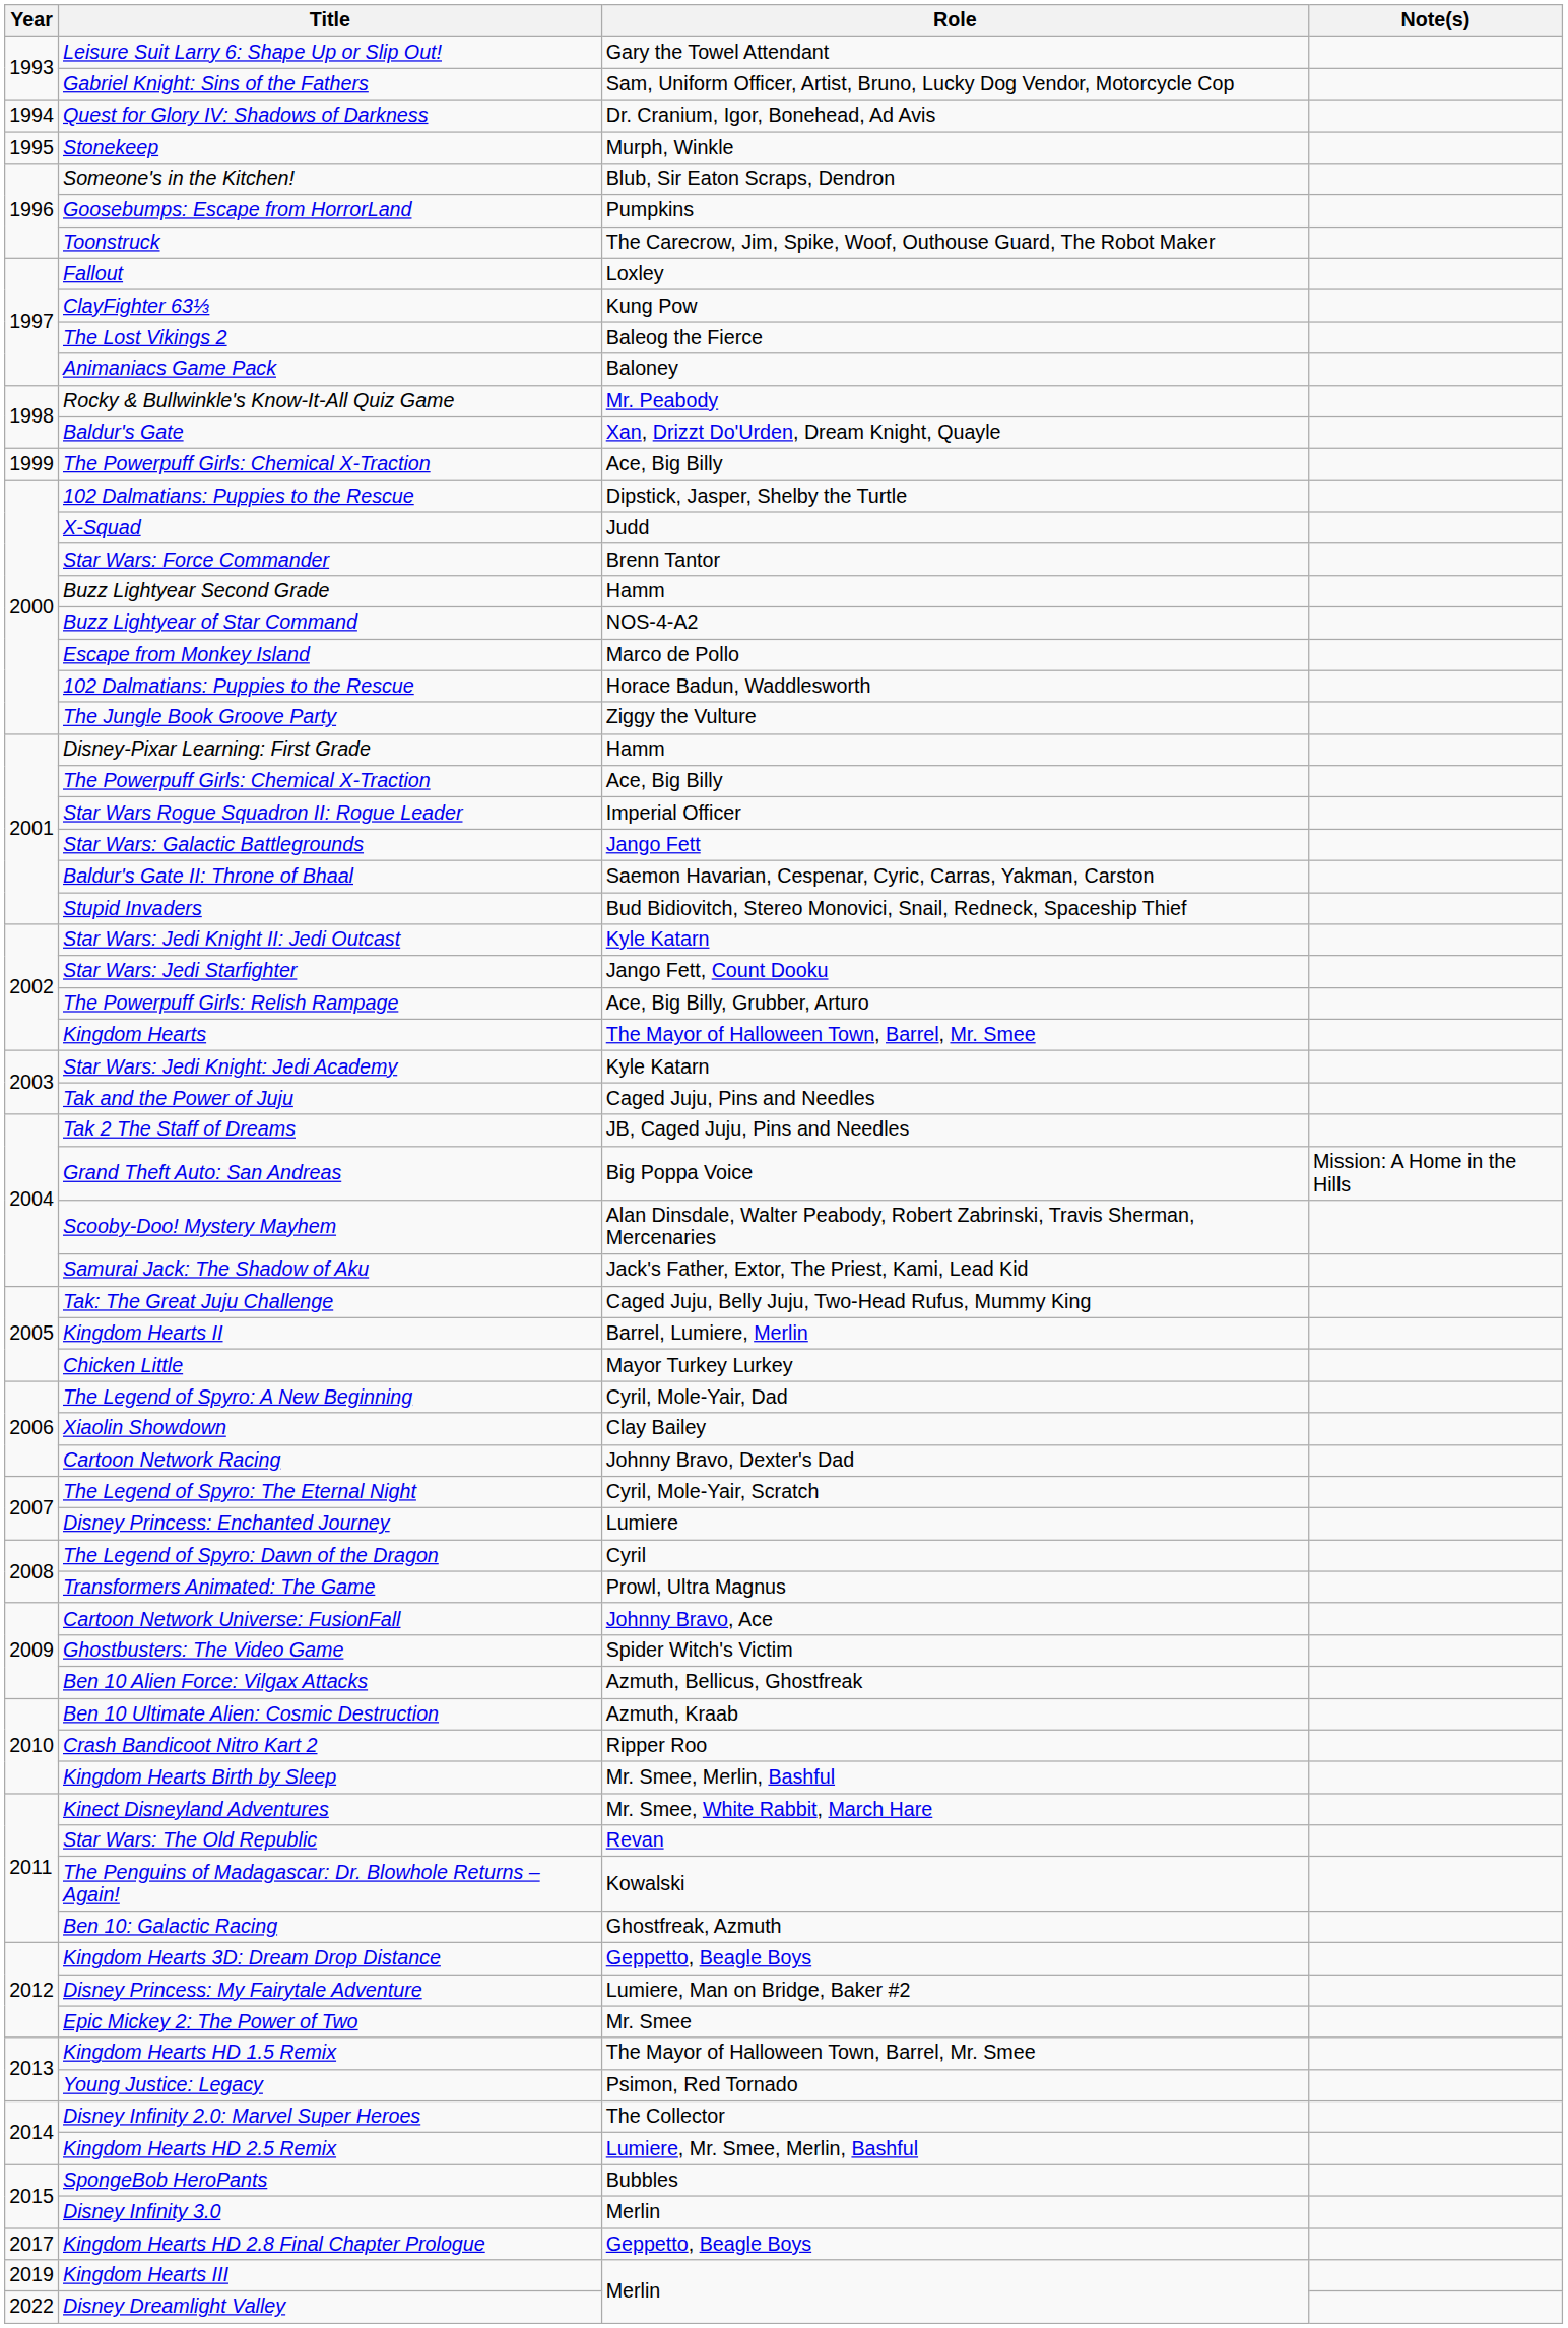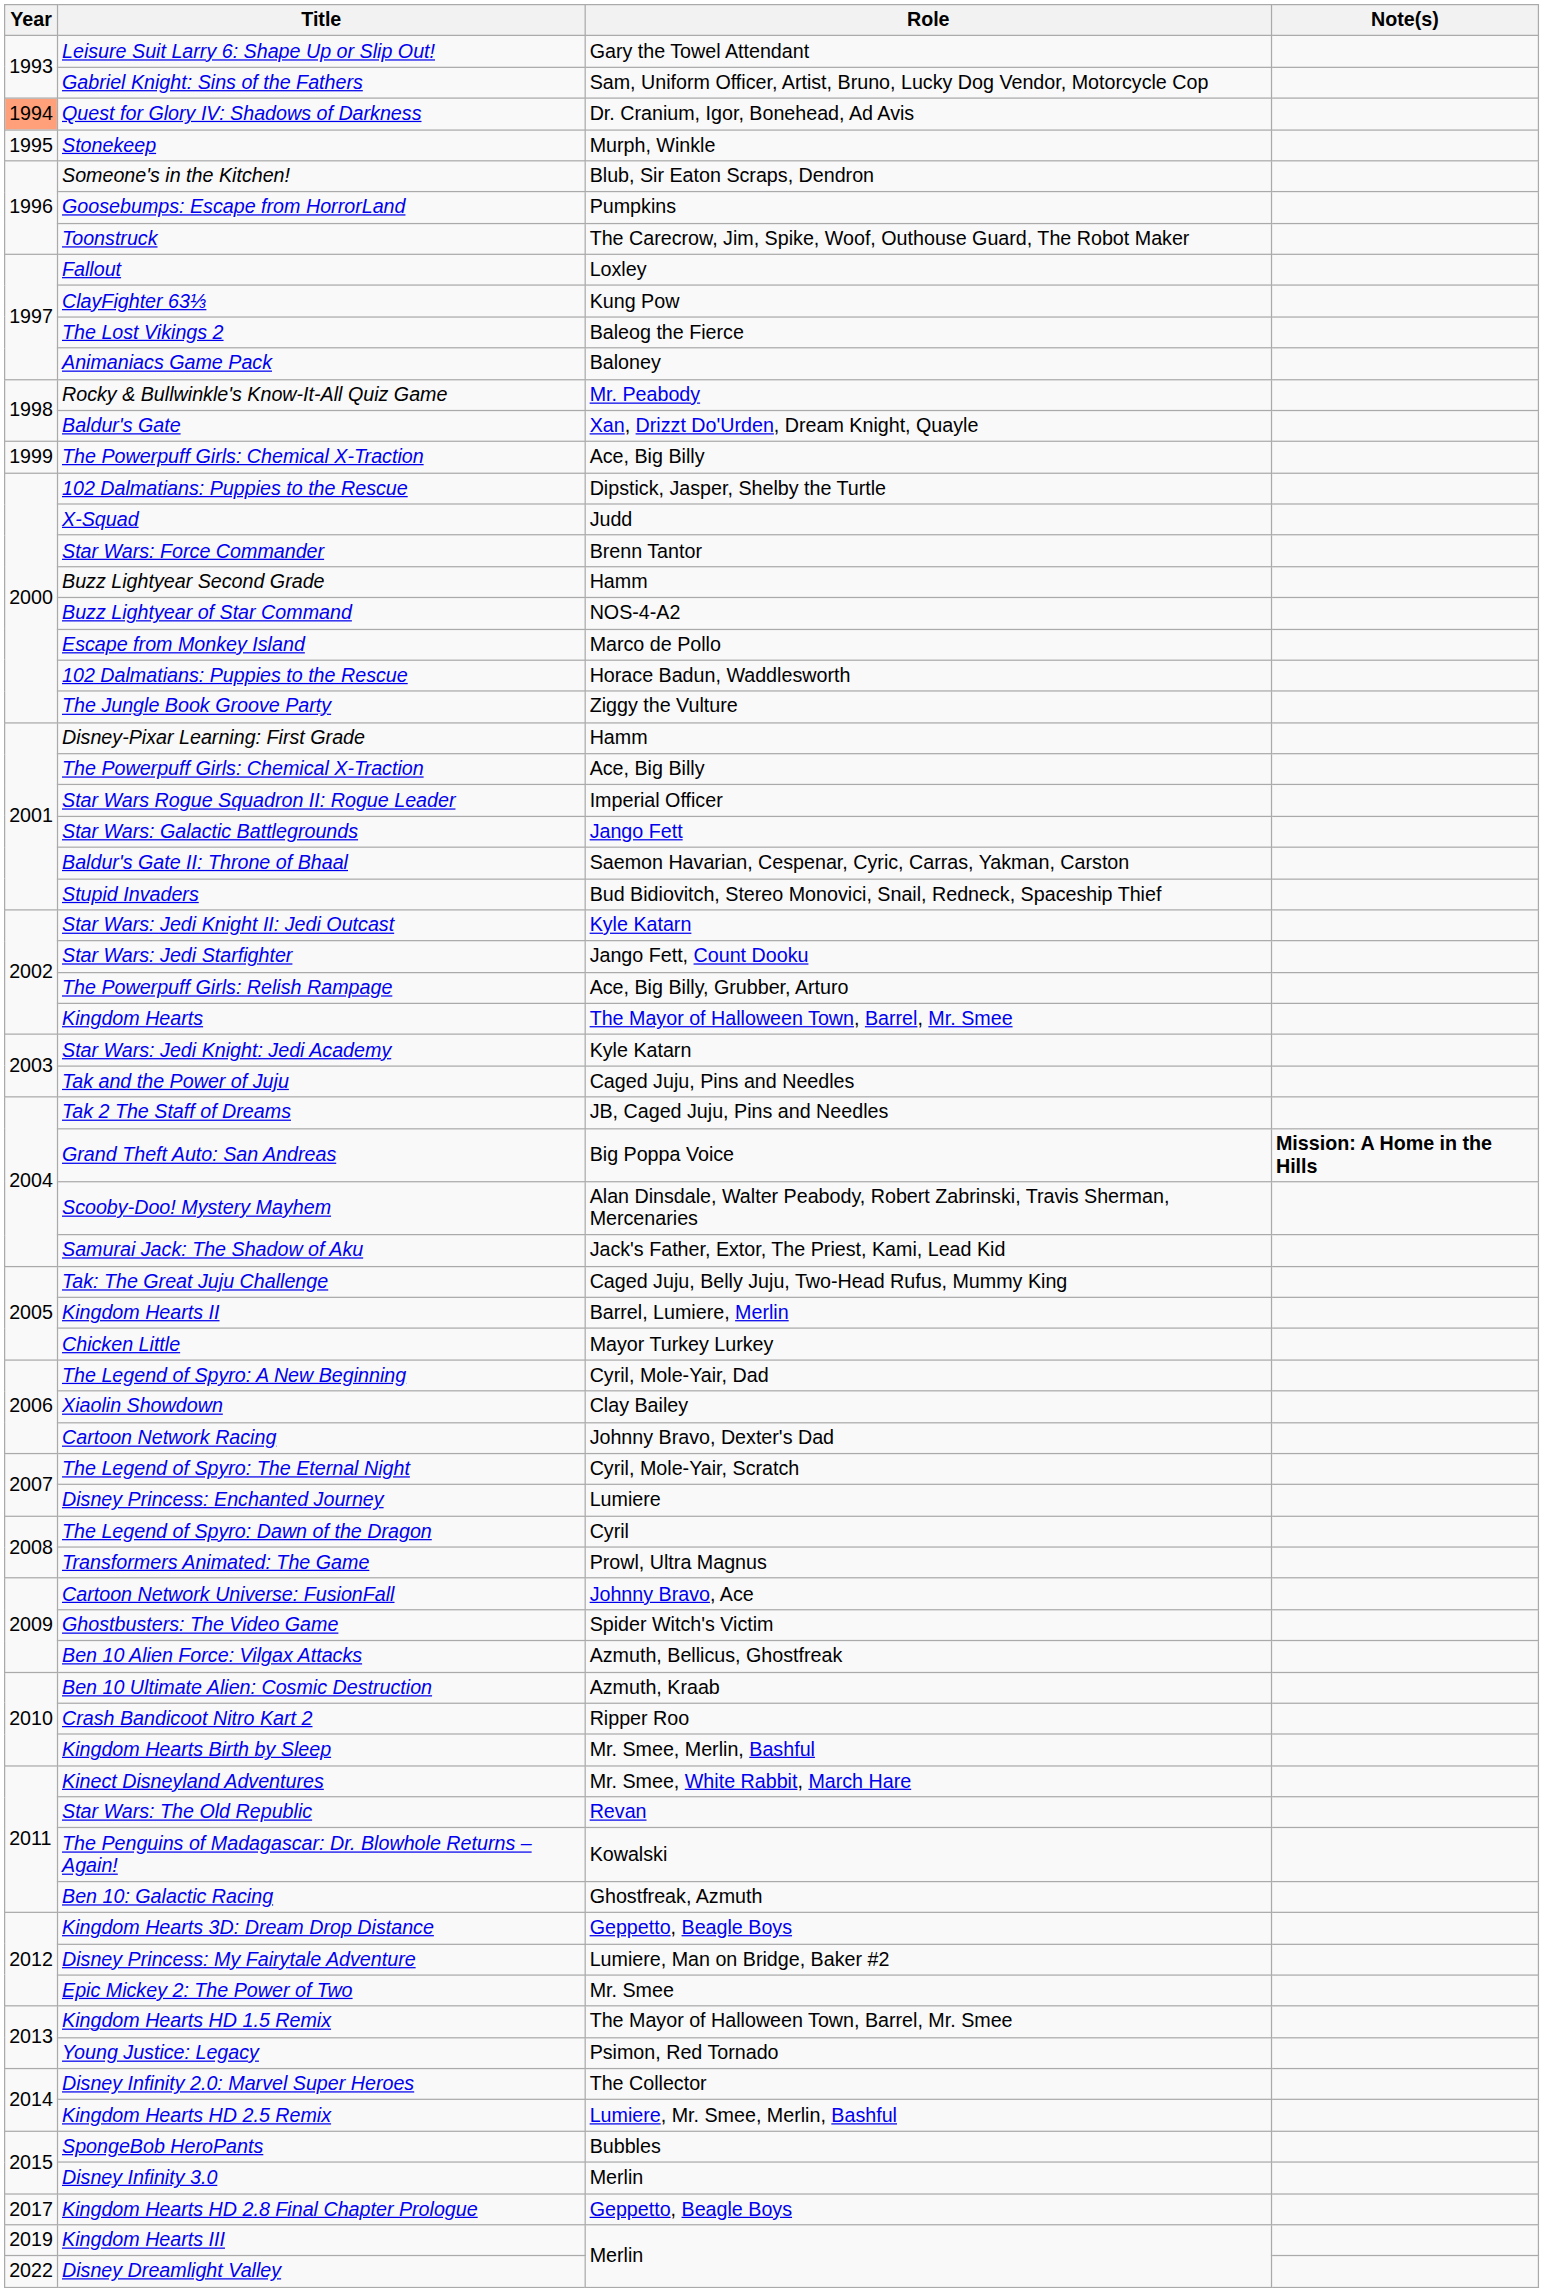 <table class="wikitable">
 <tr>
 <th>Year</th>
 <th>Title</th>
 <th>Role</th>
 <th>Note(s)</th>
 </tr>
 <tr>
 <td rowspan="2">1993</td>
 <td><em><a href='#'>Leisure Suit Larry 6: Shape Up or Slip Out!</a></em></td>
 <td>Gary the Towel Attendant</td>
 <td></td>
 </tr>
 <tr>
 <td><em><a href='#'>Gabriel Knight: Sins of the Fathers</a></em></td>
 <td>Sam, Uniform Officer, Artist, Bruno, Lucky Dog Vendor, Motorcycle Cop</td>
 <td></td>
 </tr>
 <tr>
-<td>1994</td>
+<td style="background: lightsalmon;">1994</td>
 <td><em><a href='#'>Quest for Glory IV: Shadows of Darkness</a></em></td>
 <td>Dr. Cranium, Igor, Bonehead, Ad Avis</td>
 <td></td>
 </tr>
 <tr>
 <td>1995</td>
 <td><em><a href='#'>Stonekeep</a></em></td>
 <td>Murph, Winkle</td>
 <td></td>
 </tr>
 <tr>
 <td rowspan="3">1996</td>
 <td><em>Someone's in the Kitchen!</em></td>
 <td>Blub, Sir Eaton Scraps, Dendron</td>
 <td></td>
 </tr>
 <tr>
 <td><em><a href='#'>Goosebumps: Escape from HorrorLand</a></em></td>
 <td>Pumpkins</td>
 <td></td>
 </tr>
 <tr>
 <td><em><a href='#'>Toonstruck</a></em></td>
 <td>The Carecrow, Jim, Spike, Woof, Outhouse Guard, The Robot Maker</td>
 <td></td>
 </tr>
 <tr>
 <td rowspan="4">1997</td>
 <td><em><a href='#'>Fallout</a></em></td>
 <td>Loxley</td>
 <td></td>
 </tr>
 <tr>
 <td><em><a href='#'>ClayFighter 63⅓</a></em></td>
 <td>Kung Pow</td>
 <td></td>
 </tr>
 <tr>
 <td><em><a href='#'>The Lost Vikings 2</a></em></td>
 <td>Baleog the Fierce</td>
 <td></td>
 </tr>
 <tr>
 <td><em><a href='#'>Animaniacs Game Pack</a></em></td>
 <td>Baloney</td>
 <td></td>
 </tr>
 <tr>
 <td rowspan="2">1998</td>
 <td><em>Rocky & Bullwinkle's Know-It-All Quiz Game</em></td>
 <td><a href='#'>Mr. Peabody</a></td>
 <td></td>
 </tr>
 <tr>
 <td><em><a href='#'>Baldur's Gate</a></em></td>
 <td><a href='#'>Xan</a>, <a href='#'>Drizzt Do'Urden</a>, Dream Knight, Quayle</td>
 <td></td>
 </tr>
 <tr>
 <td>1999</td>
 <td><em><a href='#'>The Powerpuff Girls: Chemical X-Traction</a></em></td>
 <td>Ace, Big Billy</td>
 <td></td>
 </tr>
 <tr>
 <td rowspan="8">2000</td>
 <td><em><a href='#'>102 Dalmatians: Puppies to the Rescue</a></em></td>
 <td>Dipstick, Jasper, Shelby the Turtle</td>
 <td></td>
 </tr>
 <tr>
 <td><em><a href='#'>X-Squad</a></em></td>
 <td>Judd</td>
 <td></td>
 </tr>
 <tr>
 <td><em><a href='#'>Star Wars: Force Commander</a></em></td>
 <td>Brenn Tantor</td>
 <td></td>
 </tr>
 <tr>
 <td><em>Buzz Lightyear Second Grade</em></td>
 <td>Hamm</td>
 <td></td>
 </tr>
 <tr>
 <td><em><a href='#'>Buzz Lightyear of Star Command</a></em></td>
 <td>NOS-4-A2</td>
 <td></td>
 </tr>
 <tr>
 <td><em><a href='#'>Escape from Monkey Island</a></em></td>
 <td>Marco de Pollo</td>
 <td></td>
 </tr>
 <tr>
 <td><em><a href='#'>102 Dalmatians: Puppies to the Rescue</a></em></td>
 <td>Horace Badun, Waddlesworth</td>
 <td></td>
 </tr>
 <tr>
 <td><em><a href='#'>The Jungle Book Groove Party</a></em></td>
 <td>Ziggy the Vulture</td>
 <td></td>
 </tr>
 <tr>
 <td rowspan="6">2001</td>
 <td><em>Disney-Pixar Learning: First Grade</em></td>
 <td>Hamm</td>
 <td></td>
 </tr>
 <tr>
 <td><em><a href='#'>The Powerpuff Girls: Chemical X-Traction</a></em></td>
 <td>Ace, Big Billy</td>
 <td></td>
 </tr>
 <tr>
 <td><em><a href='#'>Star Wars Rogue Squadron II: Rogue Leader</a></em></td>
 <td>Imperial Officer</td>
 <td></td>
 </tr>
 <tr>
 <td><em><a href='#'>Star Wars: Galactic Battlegrounds</a></em></td>
 <td><a href='#'>Jango Fett</a></td>
 <td></td>
 </tr>
 <tr>
 <td><em><a href='#'>Baldur's Gate II: Throne of Bhaal</a></em></td>
 <td>Saemon Havarian, Cespenar, Cyric, Carras, Yakman, Carston</td>
 <td></td>
 </tr>
 <tr>
 <td><em><a href='#'>Stupid Invaders</a></em></td>
 <td>Bud Bidiovitch, Stereo Monovici, Snail, Redneck, Spaceship Thief</td>
 <td></td>
 </tr>
 <tr>
 <td rowspan="4">2002</td>
 <td><em><a href='#'>Star Wars: Jedi Knight II: Jedi Outcast</a></em></td>
 <td><a href='#'>Kyle Katarn</a></td>
 <td></td>
 </tr>
 <tr>
 <td><em><a href='#'>Star Wars: Jedi Starfighter</a></em></td>
 <td>Jango Fett, <a href='#'>Count Dooku</a></td>
 <td></td>
 </tr>
 <tr>
 <td><em><a href='#'>The Powerpuff Girls: Relish Rampage</a></em></td>
 <td>Ace, Big Billy, Grubber, Arturo</td>
 <td></td>
 </tr>
 <tr>
 <td><em><a href='#'>Kingdom Hearts</a></em></td>
 <td><a href='#'>The Mayor of Halloween Town</a>, <a href='#'>Barrel</a>, <a href='#'>Mr. Smee</a></td>
 <td></td>
 </tr>
 <tr>
 <td rowspan="2">2003</td>
 <td><em><a href='#'>Star Wars: Jedi Knight: Jedi Academy</a></em></td>
 <td>Kyle Katarn</td>
 <td></td>
 </tr>
 <tr>
 <td><em><a href='#'>Tak and the Power of Juju</a></em></td>
 <td>Caged Juju, Pins and Needles</td>
 <td></td>
 </tr>
 <tr>
 <td rowspan="4">2004</td>
 <td><em><a href='#'>Tak 2 The Staff of Dreams</a></em></td>
 <td>JB, Caged Juju, Pins and Needles</td>
 <td></td>
 </tr>
 <tr>
 <td><em><a href='#'>Grand Theft Auto: San Andreas</a></em></td>
 <td>Big Poppa Voice</td>
-<td>Mission: A Home in the Hills</td>
+<td><strong>Mission: A Home in the Hills</strong></td>
 </tr>
 <tr>
 <td><em><a href='#'>Scooby-Doo! Mystery Mayhem</a></em></td>
 <td>Alan Dinsdale, Walter Peabody, Robert Zabrinski, Travis Sherman, Mercenaries</td>
 <td></td>
 </tr>
 <tr>
 <td><em><a href='#'>Samurai Jack: The Shadow of Aku</a></em></td>
 <td>Jack's Father, Extor, The Priest, Kami, Lead Kid</td>
 <td></td>
 </tr>
 <tr>
 <td rowspan="3">2005</td>
 <td><em><a href='#'>Tak: The Great Juju Challenge</a></em></td>
 <td>Caged Juju, Belly Juju, Two-Head Rufus, Mummy King</td>
 <td></td>
 </tr>
 <tr>
 <td><em><a href='#'>Kingdom Hearts II</a></em></td>
 <td>Barrel, Lumiere, <a href='#'>Merlin</a></td>
 <td></td>
 </tr>
 <tr>
 <td><em><a href='#'>Chicken Little</a></em></td>
 <td>Mayor Turkey Lurkey</td>
 <td></td>
 </tr>
 <tr>
 <td rowspan="3">2006</td>
 <td><em><a href='#'>The Legend of Spyro: A New Beginning</a></em></td>
 <td>Cyril, Mole-Yair, Dad</td>
 <td></td>
 </tr>
 <tr>
 <td><em><a href='#'>Xiaolin Showdown</a></em></td>
 <td>Clay Bailey</td>
 <td></td>
 </tr>
 <tr>
 <td><em><a href='#'>Cartoon Network Racing</a></em></td>
 <td>Johnny Bravo, Dexter's Dad</td>
 <td></td>
 </tr>
 <tr>
 <td rowspan="2">2007</td>
 <td><em><a href='#'>The Legend of Spyro: The Eternal Night</a></em></td>
 <td>Cyril, Mole-Yair, Scratch</td>
 <td></td>
 </tr>
 <tr>
 <td><em><a href='#'>Disney Princess: Enchanted Journey</a></em></td>
 <td>Lumiere</td>
 <td></td>
 </tr>
 <tr>
 <td rowspan="2">2008</td>
 <td><em><a href='#'>The Legend of Spyro: Dawn of the Dragon</a></em></td>
 <td>Cyril</td>
 <td></td>
 </tr>
 <tr>
 <td><em><a href='#'>Transformers Animated: The Game</a></em></td>
 <td>Prowl, Ultra Magnus</td>
 <td></td>
 </tr>
 <tr>
 <td rowspan="3">2009</td>
 <td><em><a href='#'>Cartoon Network Universe: FusionFall</a></em></td>
 <td><a href='#'>Johnny Bravo</a>, Ace</td>
 <td></td>
 </tr>
 <tr>
 <td><em><a href='#'>Ghostbusters: The Video Game</a></em></td>
 <td>Spider Witch's Victim</td>
 <td></td>
 </tr>
 <tr>
 <td><em><a href='#'>Ben 10 Alien Force: Vilgax Attacks</a></em></td>
 <td>Azmuth, Bellicus, Ghostfreak</td>
 <td></td>
 </tr>
 <tr>
 <td rowspan="3">2010</td>
 <td><em><a href='#'>Ben 10 Ultimate Alien: Cosmic Destruction</a></em></td>
 <td>Azmuth, Kraab</td>
 <td></td>
 </tr>
 <tr>
 <td><em><a href='#'>Crash Bandicoot Nitro Kart 2</a></em></td>
 <td>Ripper Roo</td>
 <td></td>
 </tr>
 <tr>
 <td><em><a href='#'>Kingdom Hearts Birth by Sleep</a></em></td>
 <td>Mr. Smee, Merlin, <a href='#'>Bashful</a></td>
 <td></td>
 </tr>
 <tr>
 <td rowspan="4">2011</td>
 <td><em><a href='#'>Kinect Disneyland Adventures</a></em></td>
 <td>Mr. Smee, <a href='#'>White Rabbit</a>, <a href='#'>March Hare</a></td>
 <td></td>
 </tr>
 <tr>
 <td><em><a href='#'>Star Wars: The Old Republic</a></em></td>
 <td><a href='#'>Revan</a></td>
 <td></td>
 </tr>
 <tr>
 <td><em><a href='#'>The Penguins of Madagascar: Dr. Blowhole Returns – Again!</a></em></td>
 <td>Kowalski</td>
 <td></td>
 </tr>
 <tr>
 <td><em><a href='#'>Ben 10: Galactic Racing</a></em></td>
 <td>Ghostfreak, Azmuth</td>
 <td></td>
 </tr>
 <tr>
 <td rowspan="3">2012</td>
 <td><em><a href='#'>Kingdom Hearts 3D: Dream Drop Distance</a></em></td>
 <td><a href='#'>Geppetto</a>, <a href='#'>Beagle Boys</a></td>
 <td></td>
 </tr>
 <tr>
 <td><em><a href='#'>Disney Princess: My Fairytale Adventure</a></em></td>
 <td>Lumiere, Man on Bridge, Baker #2</td>
 <td></td>
 </tr>
 <tr>
 <td><em><a href='#'>Epic Mickey 2: The Power of Two</a></em></td>
 <td>Mr. Smee</td>
 <td></td>
 </tr>
 <tr>
 <td rowspan="2">2013</td>
 <td><em><a href='#'>Kingdom Hearts HD 1.5 Remix</a></em></td>
 <td>The Mayor of Halloween Town, Barrel, Mr. Smee</td>
 <td></td>
 </tr>
 <tr>
 <td><em><a href='#'>Young Justice: Legacy</a></em></td>
 <td>Psimon, Red Tornado</td>
 <td></td>
 </tr>
 <tr>
 <td rowspan="2">2014</td>
 <td><em><a href='#'>Disney Infinity 2.0: Marvel Super Heroes</a></em></td>
 <td>The Collector</td>
 <td></td>
 </tr>
 <tr>
 <td><em><a href='#'>Kingdom Hearts HD 2.5 Remix</a></em></td>
 <td><a href='#'>Lumiere</a>, Mr. Smee, Merlin, <a href='#'>Bashful</a></td>
 <td></td>
 </tr>
 <tr>
 <td rowspan="2">2015</td>
 <td><em><a href='#'>SpongeBob HeroPants</a></em></td>
 <td>Bubbles</td>
 <td></td>
 </tr>
 <tr>
 <td><em><a href='#'>Disney Infinity 3.0</a></em></td>
 <td>Merlin</td>
 <td></td>
 </tr>
 <tr>
 <td>2017</td>
 <td><em><a href='#'>Kingdom Hearts HD 2.8 Final Chapter Prologue</a></em></td>
 <td><a href='#'>Geppetto</a>, <a href='#'>Beagle Boys</a></td>
 <td></td>
 </tr>
 <tr>
 <td>2019</td>
 <td><em><a href='#'>Kingdom Hearts III</a></em></td>
 <td rowspan="2">Merlin</td>
 <td></td>
 </tr>
 <tr>
 <td>2022</td>
 <td><em><a href='#'>Disney Dreamlight Valley</a></em></td>
 <td></td>
 </tr>
 </table>
